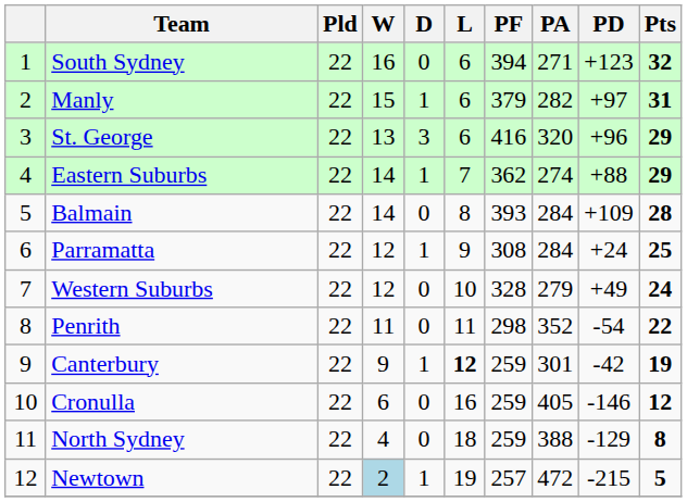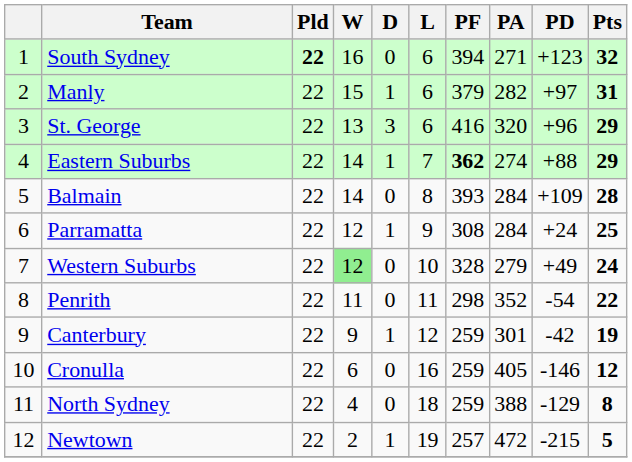 <table class="wikitable" style="text-align:center;">
 <tr>
 <th width=20 abbr="Position×"></th>
 <th width=175>Team</th>
 <th width=20 abbr="Played">Pld</th>
 <th width=20 abbr="Won">W</th>
 <th width=20 abbr="Drawn">D</th>
 <th width=20 abbr="Lost">L</th>
 <th width=20 abbr="Points for">PF</th>
 <th width=20 abbr="Points against">PA</th>
 <th width=20 abbr="Points difference">PD</th>
 <th width=20 abbr="Points">Pts</th>
 </tr>
 <tr style="background: #ccffcc;">
 <td>1</td>
 <td style="text-align:left;"> <a href='#'>South Sydney</a></td>
-<td>22</td>
+<td><strong>22</strong></td>
 <td>16</td>
 <td>0</td>
 <td>6</td>
 <td>394</td>
 <td>271</td>
 <td>+123</td>
 <td><strong>32</strong></td>
 </tr>
 <tr style="background: #ccffcc;">
 <td>2</td>
 <td style="text-align:left;"> <a href='#'>Manly</a></td>
 <td>22</td>
 <td>15</td>
 <td>1</td>
 <td>6</td>
 <td>379</td>
 <td>282</td>
 <td>+97</td>
 <td><strong>31</strong></td>
 </tr>
 <tr style="background: #ccffcc;">
 <td>3</td>
 <td style="text-align:left;"> <a href='#'>St. George</a></td>
 <td>22</td>
 <td>13</td>
 <td>3</td>
 <td>6</td>
 <td>416</td>
 <td>320</td>
 <td>+96</td>
 <td><strong>29</strong></td>
 </tr>
 <tr style="background: #ccffcc;">
 <td>4</td>
 <td style="text-align:left;"> <a href='#'>Eastern Suburbs</a></td>
 <td>22</td>
 <td>14</td>
 <td>1</td>
 <td>7</td>
-<td>362</td>
+<td><strong>362</strong></td>
 <td>274</td>
 <td>+88</td>
 <td><strong>29</strong></td>
 </tr>
 <tr>
 <td>5</td>
 <td style="text-align:left;"> <a href='#'>Balmain</a></td>
 <td>22</td>
 <td>14</td>
 <td>0</td>
 <td>8</td>
 <td>393</td>
 <td>284</td>
 <td>+109</td>
 <td><strong>28</strong></td>
 </tr>
 <tr>
 <td>6</td>
 <td style="text-align:left;"> <a href='#'>Parramatta</a></td>
 <td>22</td>
 <td>12</td>
 <td>1</td>
 <td>9</td>
 <td>308</td>
 <td>284</td>
 <td>+24</td>
 <td><strong>25</strong></td>
 </tr>
 <tr>
 <td>7</td>
 <td style="text-align:left;"> <a href='#'>Western Suburbs</a></td>
 <td>22</td>
-<td>12</td>
+<td style="background: lightgreen;">12</td>
 <td>0</td>
 <td>10</td>
 <td>328</td>
 <td>279</td>
 <td>+49</td>
 <td><strong>24</strong></td>
 </tr>
 <tr>
 <td>8</td>
 <td style="text-align:left;"> <a href='#'>Penrith</a></td>
 <td>22</td>
 <td>11</td>
 <td>0</td>
 <td>11</td>
 <td>298</td>
 <td>352</td>
 <td>-54</td>
 <td><strong>22</strong></td>
 </tr>
 <tr>
 <td>9</td>
 <td style="text-align:left;"> <a href='#'>Canterbury</a></td>
 <td>22</td>
 <td>9</td>
 <td>1</td>
-<td><strong>12</strong></td>
+<td>12</td>
 <td>259</td>
 <td>301</td>
 <td>-42</td>
 <td><strong>19</strong></td>
 </tr>
 <tr>
 <td>10</td>
 <td style="text-align:left;"> <a href='#'>Cronulla</a></td>
 <td>22</td>
 <td>6</td>
 <td>0</td>
 <td>16</td>
 <td>259</td>
 <td>405</td>
 <td>-146</td>
 <td><strong>12</strong></td>
 </tr>
 <tr>
 <td>11</td>
 <td style="text-align:left;"> <a href='#'>North Sydney</a></td>
 <td>22</td>
 <td>4</td>
 <td>0</td>
 <td>18</td>
 <td>259</td>
 <td>388</td>
 <td>-129</td>
 <td><strong>8</strong></td>
 </tr>
 <tr>
 <td>12</td>
 <td style="text-align:left;"> <a href='#'>Newtown</a></td>
 <td>22</td>
-<td style="background: lightblue;">2</td>
+<td>2</td>
 <td>1</td>
 <td>19</td>
 <td>257</td>
 <td>472</td>
 <td>-215</td>
 <td><strong>5</strong></td>
 </tr>
 <tr>
 </tr>
 </table>
